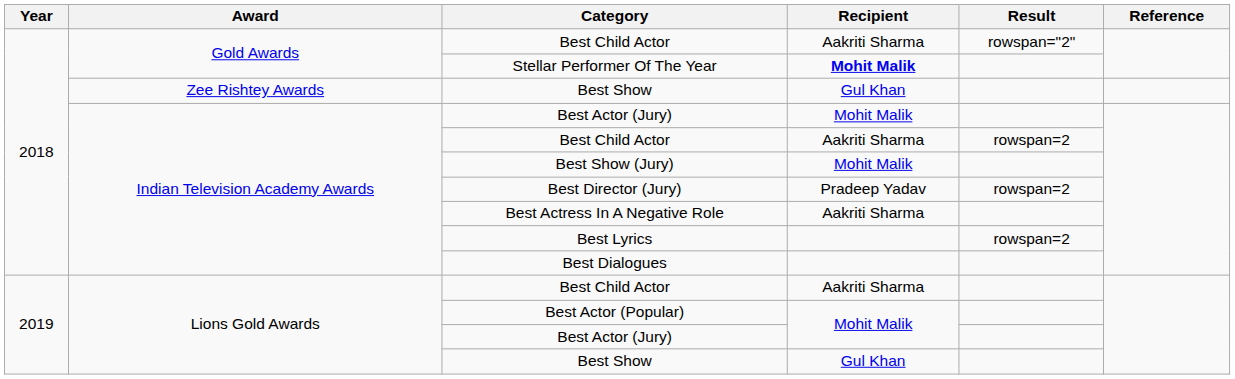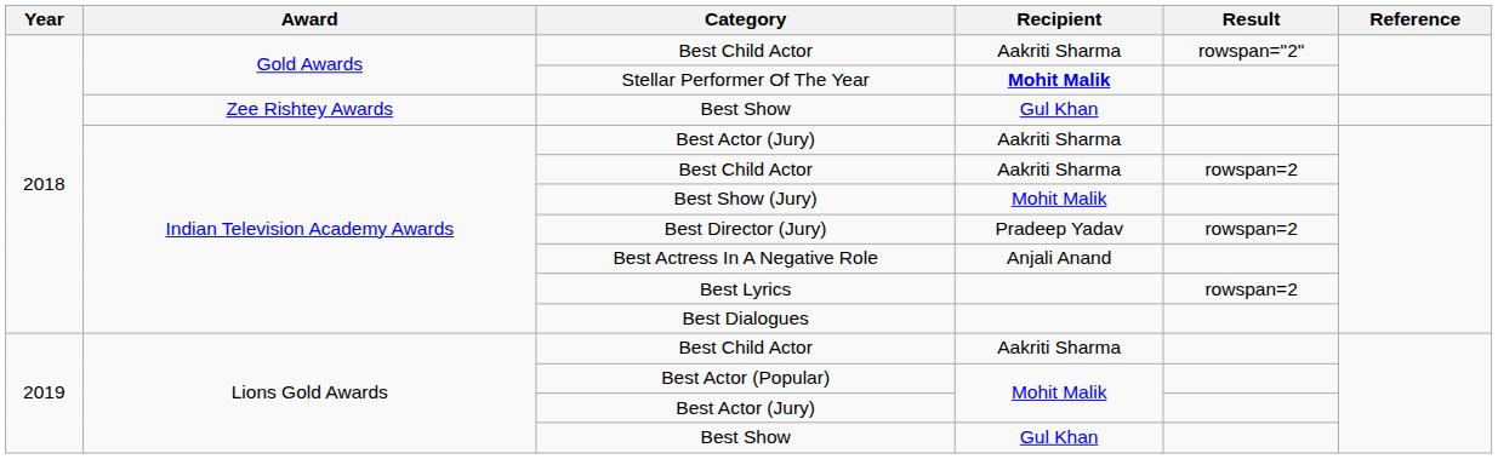 <table class="wikitable" style="width:100%; text-align:center;">
 <tr>
 <th>Year</th>
 <th>Award</th>
 <th>Category</th>
 <th>Recipient</th>
 <th>Result</th>
 <th>Reference</th>
 </tr>
 <tr>
 <td rowspan="10">2018</td>
 <td rowspan="2"><a href='#'>Gold Awards</a></td>
 <td>Best Child Actor</td>
 <td>Aakriti Sharma</td>
 <td>rowspan="2" </td>
 <td rowspan="2"></td>
 </tr>
 <tr>
 <td>Stellar Performer Of The Year</td>
 <td><strong><a href='#'>Mohit Malik</a></strong></td>
 </tr>
 <tr>
 <td><a href='#'>Zee Rishtey Awards</a></td>
 <td>Best Show</td>
 <td><a href='#'>Gul Khan</a></td>
 <td></td>
 <td></td>
 </tr>
 <tr>
 <td rowspan="7"><a href='#'>Indian Television Academy Awards</a></td>
 <td>Best Actor (Jury)</td>
-<td><a href='#'>Mohit Malik</a></td>
+<td>Aakriti Sharma</td>
 <td></td>
 <td rowspan="7"></td>
 </tr>
 <tr>
 <td>Best Child Actor</td>
 <td>Aakriti Sharma</td>
 <td>rowspan=2 </td>
 </tr>
 <tr>
 <td>Best Show (Jury)</td>
 <td><a href='#'>Mohit Malik</a></td>
 </tr>
 <tr>
 <td>Best Director (Jury)</td>
 <td>Pradeep Yadav</td>
 <td>rowspan=2 </td>
 </tr>
 <tr>
 <td>Best Actress In A Negative Role</td>
-<td>Aakriti Sharma</td>
+<td>Anjali Anand</td>
 </tr>
 <tr>
 <td>Best Lyrics</td>
 <td></td>
 <td>rowspan=2 </td>
 </tr>
 <tr>
 <td>Best Dialogues</td>
 <td></td>
 </tr>
 <tr>
 <td rowspan=4>2019</td>
 <td rowspan=4>Lions Gold Awards</td>
 <td>Best Child Actor</td>
 <td>Aakriti Sharma</td>
 <td></td>
 <td rowspan=4></td>
 </tr>
 <tr>
 <td>Best Actor (Popular)</td>
 <td rowspan=2><a href='#'>Mohit Malik</a></td>
 <td></td>
 </tr>
 <tr>
 <td>Best Actor (Jury)</td>
 <td></td>
 </tr>
 <tr>
 <td>Best Show</td>
 <td><a href='#'>Gul Khan</a></td>
 <td></td>
 </tr>
 </table>
